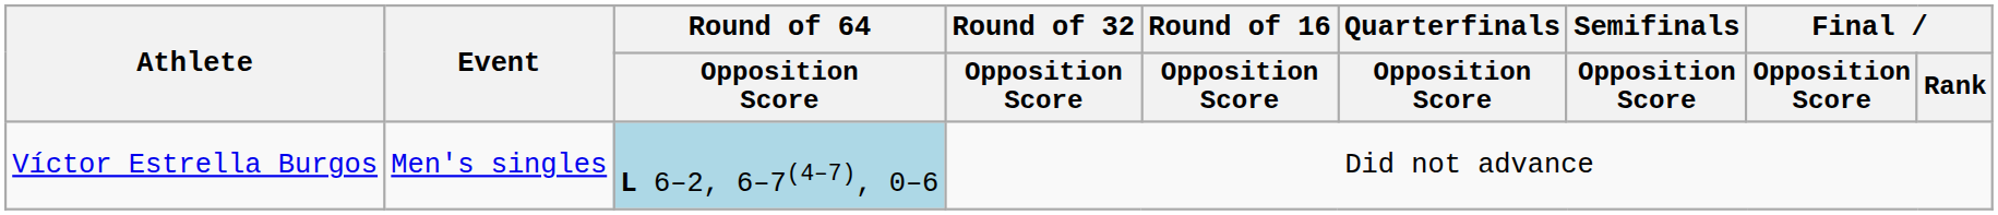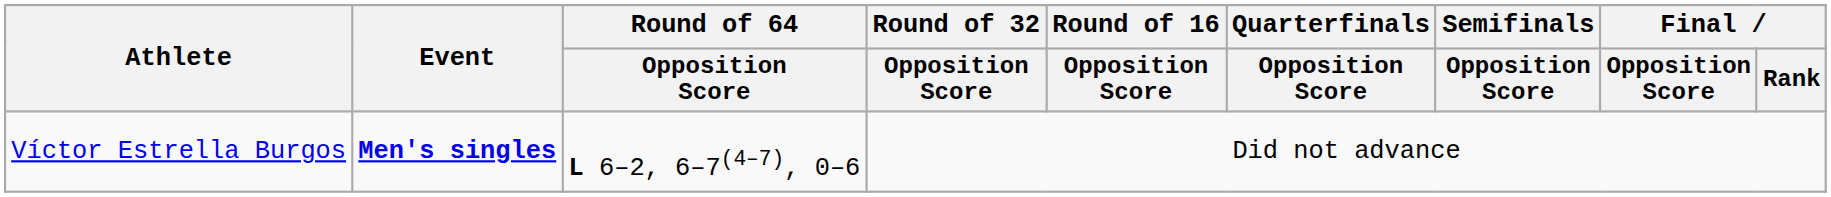 <table class=wikitable style="font-size:90%">
 <tr>
 <th rowspan="2">Athlete</th>
 <th rowspan="2">Event</th>
 <th>Round of 64</th>
 <th>Round of 32</th>
 <th>Round of 16</th>
 <th>Quarterfinals</th>
 <th>Semifinals</th>
 <th colspan=2>Final / </th>
 </tr>
 <tr style="font-size:95%">
 <th>Opposition<br>Score</th>
 <th>Opposition<br>Score</th>
 <th>Opposition<br>Score</th>
 <th>Opposition<br>Score</th>
 <th>Opposition<br>Score</th>
 <th>Opposition<br>Score</th>
 <th>Rank</th>
 </tr>
 <tr align=center>
 <td align=left><a href='#'>Víctor Estrella Burgos</a></td>
-<td align=left><a href='#'>Men's singles</a></td>
-<td style="background: lightblue;"><br><strong>L</strong> 6–2, 6–7<sup>(4–7)</sup>, 0–6</td>
+<td align=left><strong><a href='#'>Men's singles</a></strong></td>
+<td><br><strong>L</strong> 6–2, 6–7<sup>(4–7)</sup>, 0–6</td>
 <td colspan=6>Did not advance</td>
 </tr>
 </table>
